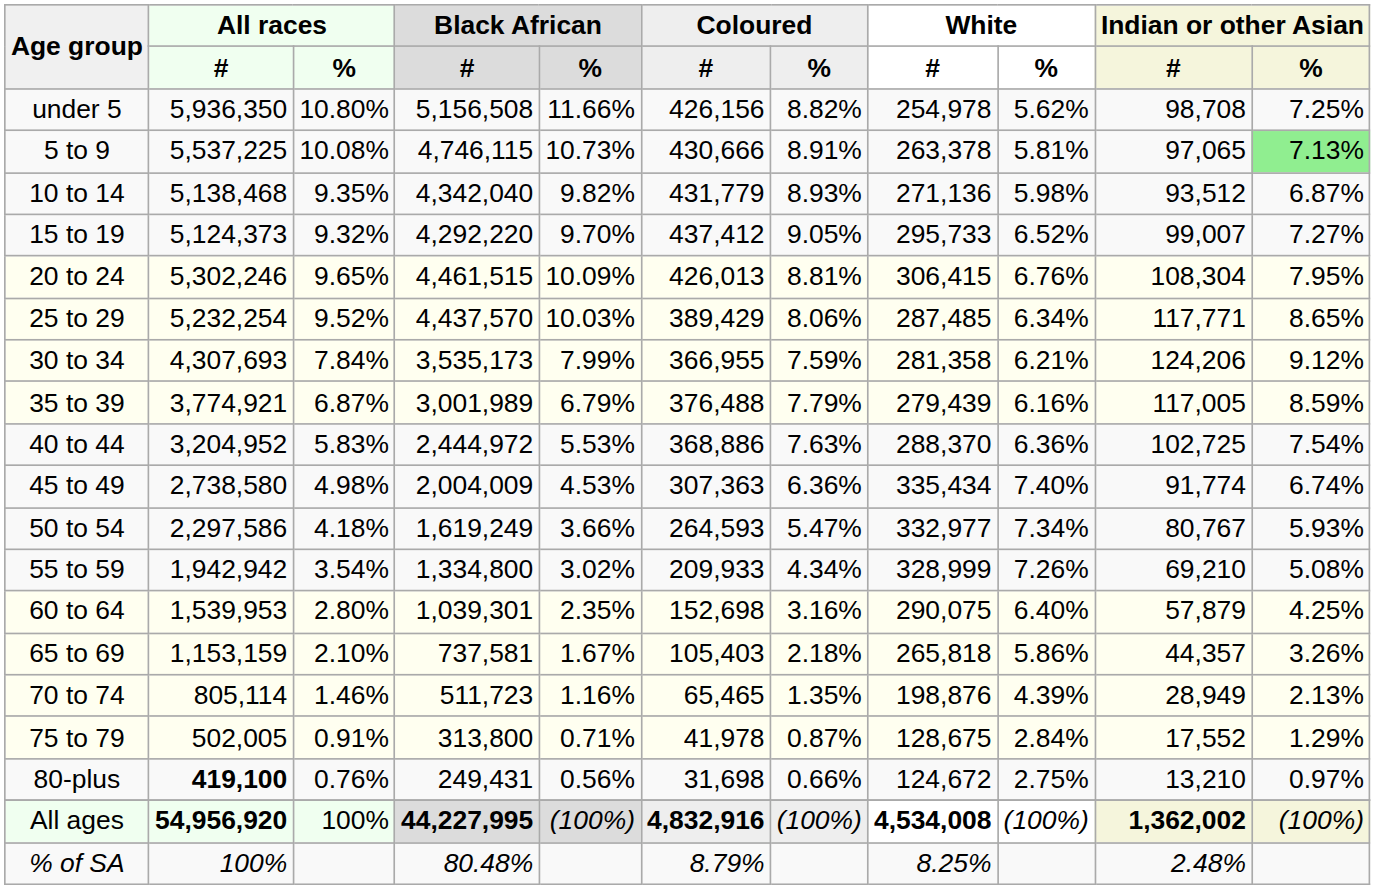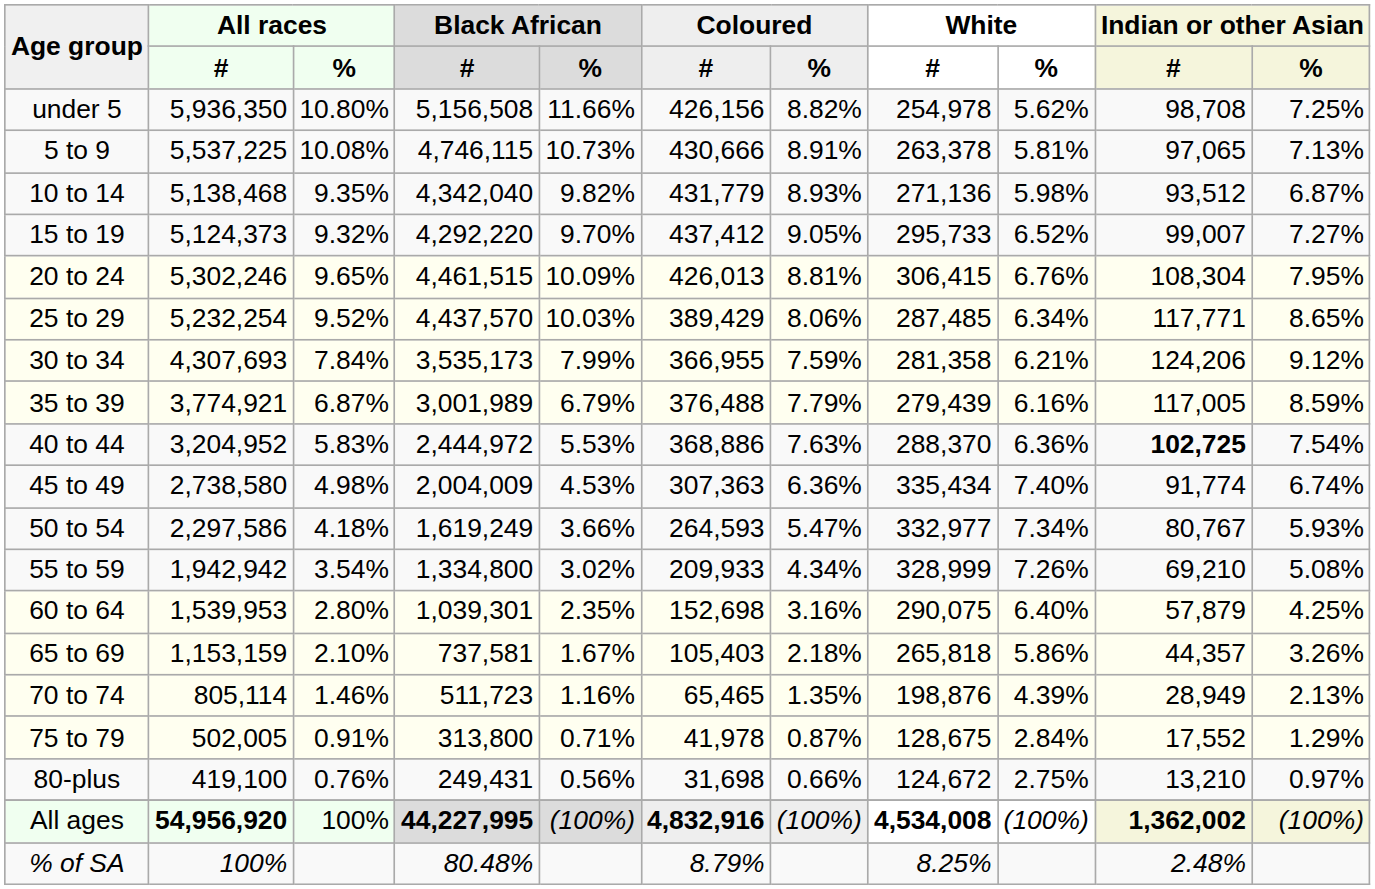 <table class="wikitable" style="text-align:right">
 <tr style="text-align:center;">
 <th rowspan=2 style="background:#f0f0f0;">Age group</th>
 <th colspan=2 style="background:honeydew;">All races</th>
 <th colspan=2 style="background:gainsboro;">Black African</th>
 <th colspan=2 style="background:#eee;">Coloured</th>
 <th colspan=2 style="background:white;">White</th>
 <th colspan=2 style="background:beige;">Indian or other Asian</th>
 </tr>
 <tr>
 <th style="background:honeydew;">#</th>
 <th style="background:honeydew;">%</th>
 <th style="background:gainsboro;">#</th>
 <th style="background:gainsboro;">%</th>
 <th style="background:#eee;">#</th>
 <th style="background:#eee;">%</th>
 <th style="background:white;">#</th>
 <th style="background:white;">%</th>
 <th style="background:beige;">#</th>
 <th style="background:beige;">%</th>
 </tr>
 <tr>
 <td style="text-align:center">under 5</td>
 <td>5,936,350</td>
 <td>10.80%</td>
 <td>5,156,508</td>
 <td>11.66%</td>
 <td>426,156</td>
 <td>8.82%</td>
 <td>254,978</td>
 <td>5.62%</td>
 <td>98,708</td>
 <td>7.25%</td>
 </tr>
 <tr>
 <td style="text-align:center">5 to 9</td>
 <td>5,537,225</td>
 <td>10.08%</td>
 <td>4,746,115</td>
 <td>10.73%</td>
 <td>430,666</td>
 <td>8.91%</td>
 <td>263,378</td>
 <td>5.81%</td>
 <td>97,065</td>
-<td style="background: lightgreen;">7.13%</td>
+<td>7.13%</td>
 </tr>
 <tr>
 <td style="text-align:center">10 to 14</td>
 <td>5,138,468</td>
 <td>9.35%</td>
 <td>4,342,040</td>
 <td>9.82%</td>
 <td>431,779</td>
 <td>8.93%</td>
 <td>271,136</td>
 <td>5.98%</td>
 <td>93,512</td>
 <td>6.87%</td>
 </tr>
 <tr>
 <td style="text-align:center">15 to 19</td>
 <td>5,124,373</td>
 <td>9.32%</td>
 <td>4,292,220</td>
 <td>9.70%</td>
 <td>437,412</td>
 <td>9.05%</td>
 <td>295,733</td>
 <td>6.52%</td>
 <td>99,007</td>
 <td>7.27%</td>
 </tr>
 <tr style="background:ivory">
 <td style="text-align:center">20 to 24</td>
 <td>5,302,246</td>
 <td>9.65%</td>
 <td>4,461,515</td>
 <td>10.09%</td>
 <td>426,013</td>
 <td>8.81%</td>
 <td>306,415</td>
 <td>6.76%</td>
 <td>108,304</td>
 <td>7.95%</td>
 </tr>
 <tr style="background:ivory">
 <td style="text-align:center">25 to 29</td>
 <td>5,232,254</td>
 <td>9.52%</td>
 <td>4,437,570</td>
 <td>10.03%</td>
 <td>389,429</td>
 <td>8.06%</td>
 <td>287,485</td>
 <td>6.34%</td>
 <td>117,771</td>
 <td>8.65%</td>
 </tr>
 <tr style="background:ivory">
 <td style="text-align:center">30 to 34</td>
 <td>4,307,693</td>
 <td>7.84%</td>
 <td>3,535,173</td>
 <td>7.99%</td>
 <td>366,955</td>
 <td>7.59%</td>
 <td>281,358</td>
 <td>6.21%</td>
 <td>124,206</td>
 <td>9.12%</td>
 </tr>
 <tr style="background:ivory">
 <td style="text-align:center">35 to 39</td>
 <td>3,774,921</td>
 <td>6.87%</td>
 <td>3,001,989</td>
 <td>6.79%</td>
 <td>376,488</td>
 <td>7.79%</td>
 <td>279,439</td>
 <td>6.16%</td>
 <td>117,005</td>
 <td>8.59%</td>
 </tr>
 <tr>
 <td style="text-align:center">40 to 44</td>
 <td>3,204,952</td>
 <td>5.83%</td>
 <td>2,444,972</td>
 <td>5.53%</td>
 <td>368,886</td>
 <td>7.63%</td>
 <td>288,370</td>
 <td>6.36%</td>
-<td>102,725</td>
+<td><strong>102,725</strong></td>
 <td>7.54%</td>
 </tr>
 <tr>
 <td style="text-align:center">45 to 49</td>
 <td>2,738,580</td>
 <td>4.98%</td>
 <td>2,004,009</td>
 <td>4.53%</td>
 <td>307,363</td>
 <td>6.36%</td>
 <td>335,434</td>
 <td>7.40%</td>
 <td>91,774</td>
 <td>6.74%</td>
 </tr>
 <tr>
 <td style="text-align:center">50 to 54</td>
 <td>2,297,586</td>
 <td>4.18%</td>
 <td>1,619,249</td>
 <td>3.66%</td>
 <td>264,593</td>
 <td>5.47%</td>
 <td>332,977</td>
 <td>7.34%</td>
 <td>80,767</td>
 <td>5.93%</td>
 </tr>
 <tr>
 <td style="text-align:center">55 to 59</td>
 <td>1,942,942</td>
 <td>3.54%</td>
 <td>1,334,800</td>
 <td>3.02%</td>
 <td>209,933</td>
 <td>4.34%</td>
 <td>328,999</td>
 <td>7.26%</td>
 <td>69,210</td>
 <td>5.08%</td>
 </tr>
 <tr style="background:ivory">
 <td style="text-align:center">60 to 64</td>
 <td>1,539,953</td>
 <td>2.80%</td>
 <td>1,039,301</td>
 <td>2.35%</td>
 <td>152,698</td>
 <td>3.16%</td>
 <td>290,075</td>
 <td>6.40%</td>
 <td>57,879</td>
 <td>4.25%</td>
 </tr>
 <tr style="background:ivory">
 <td style="text-align:center">65 to 69</td>
 <td>1,153,159</td>
 <td>2.10%</td>
 <td>737,581</td>
 <td>1.67%</td>
 <td>105,403</td>
 <td>2.18%</td>
 <td>265,818</td>
 <td>5.86%</td>
 <td>44,357</td>
 <td>3.26%</td>
 </tr>
 <tr style="background:ivory">
 <td style="text-align:center">70 to 74</td>
 <td>805,114</td>
 <td>1.46%</td>
 <td>511,723</td>
 <td>1.16%</td>
 <td>65,465</td>
 <td>1.35%</td>
 <td>198,876</td>
 <td>4.39%</td>
 <td>28,949</td>
 <td>2.13%</td>
 </tr>
 <tr style="background:ivory">
 <td style="text-align:center">75 to 79</td>
 <td>502,005</td>
 <td>0.91%</td>
 <td>313,800</td>
 <td>0.71%</td>
 <td>41,978</td>
 <td>0.87%</td>
 <td>128,675</td>
 <td>2.84%</td>
 <td>17,552</td>
 <td>1.29%</td>
 </tr>
 <tr>
 <td style="text-align:center">80-plus</td>
-<td><strong>419,100</strong></td>
+<td>419,100</td>
 <td>0.76%</td>
 <td>249,431</td>
 <td>0.56%</td>
 <td>31,698</td>
 <td>0.66%</td>
 <td>124,672</td>
 <td>2.75%</td>
 <td>13,210</td>
 <td>0.97%</td>
 </tr>
 <tr>
 </tr>
 <tr style="background:honeydew">
 <td style="text-align:center">All ages</td>
 <td><strong>54,956,920</strong></td>
 <td>100%</td>
 <td style="background:gainsboro;"><strong>44,227,995</strong></td>
 <td style="background:gainsboro;"><em>(100%)</em></td>
 <td style="background:#eee;"><strong>4,832,916</strong></td>
 <td style="background:#eee;"><em>(100%)</em></td>
 <td style="background:white;"><strong>4,534,008</strong></td>
 <td style="background:white;"><em>(100%)</em></td>
 <td style="background:beige;"><strong>1,362,002</strong></td>
 <td style="background:beige;"><em>(100%)</em></td>
 </tr>
 <tr>
 <td style="text-align:center"><em>% of SA</em></td>
 <td><em>100%</em></td>
 <td></td>
 <td><em>80.48%</em></td>
 <td></td>
 <td><em>8.79%</em></td>
 <td></td>
 <td><em>8.25%</em></td>
 <td></td>
 <td><em>2.48%</em></td>
 <td></td>
 </tr>
 </table>
